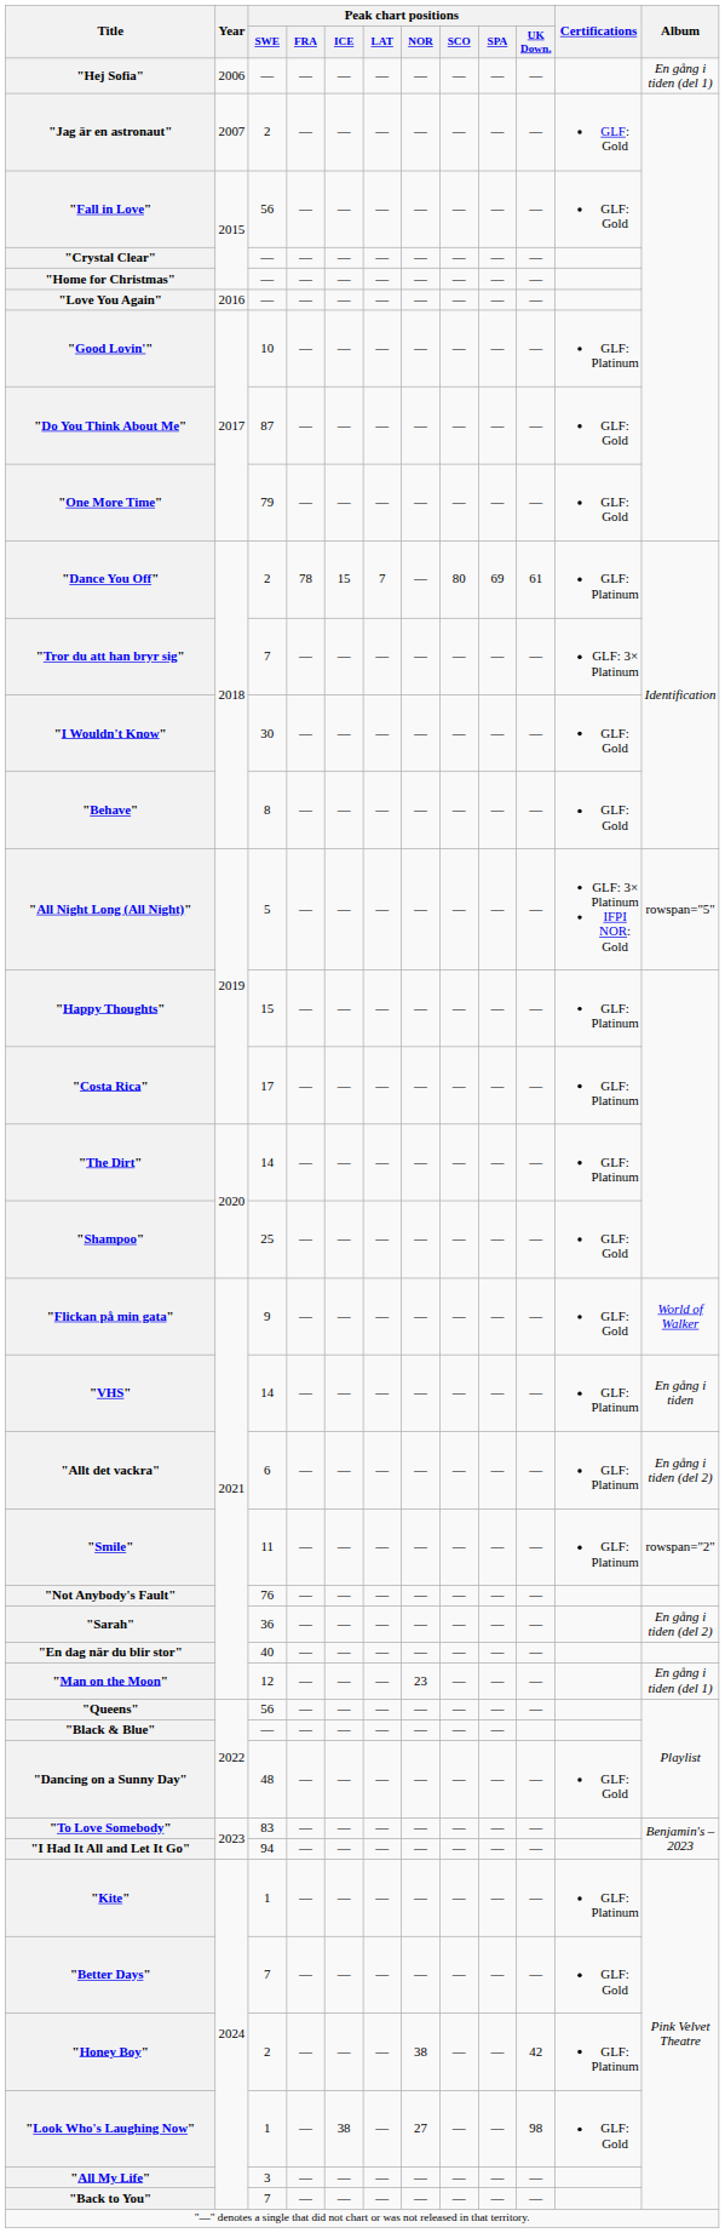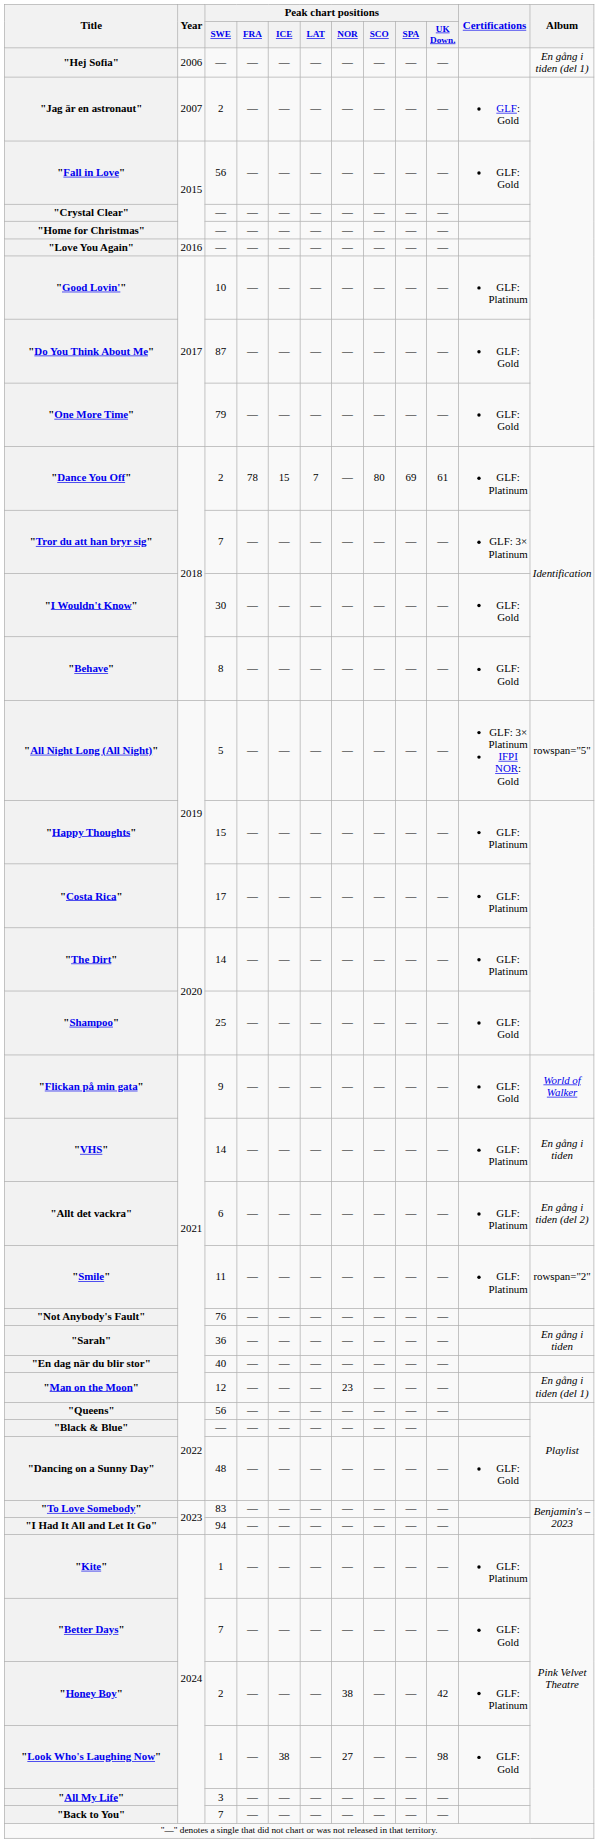 <table class="wikitable plainrowheaders" style="text-align:center;">
 <tr>
 <th scope="col" rowspan="2" style="width:16em;">Title</th>
 <th scope="col" rowspan="2" style="width:1em;">Year</th>
 <th scope="col" colspan="8">Peak chart positions</th>
 <th scope="col" rowspan="2"><a href='#'>Certifications</a></th>
 <th scope="col" rowspan="2">Album</th>
 </tr>
 <tr>
 <th scope="col" style="width:3em;font-size:85%;"><a href='#'>SWE</a><br></th>
 <th scope="col" style="width:3em;font-size:85%;"><a href='#'>FRA</a><br></th>
 <th scope="col" style="width:3em;font-size:85%;"><a href='#'>ICE</a><br></th>
 <th scope="col" style="width:3em;font-size:85%;"><a href='#'>LAT</a><br></th>
 <th scope="col" style="width:3em;font-size:85%;"><a href='#'>NOR</a><br></th>
 <th scope="col" style="width:3em;font-size:85%;"><a href='#'>SCO</a><br></th>
 <th scope="col" style="width:3em;font-size:85%;"><a href='#'>SPA</a><br></th>
 <th scope="col" style="width:3em;font-size:85%;"><a href='#'>UK<br>Down.</a><br></th>
 </tr>
 <tr>
 <th scope="row">"Hej Sofia"</th>
 <td>2006</td>
 <td>—</td>
 <td>—</td>
 <td>—</td>
 <td>—</td>
 <td>—</td>
 <td>—</td>
 <td>—</td>
 <td>—</td>
 <td></td>
 <td><em>En gång i tiden (del 1)</em></td>
 </tr>
 <tr>
 <th scope="row">"Jag är en astronaut"</th>
 <td>2007</td>
 <td>2</td>
 <td>—</td>
 <td>—</td>
 <td>—</td>
 <td>—</td>
 <td>—</td>
 <td>—</td>
 <td>—</td>
 <td><br><ul><li><a href='#'>GLF</a>: Gold</li></ul></td>
 </tr>
 <tr>
 <th scope="row">"<a href='#'>Fall in Love</a>"</th>
 <td rowspan="3">2015</td>
 <td>56</td>
 <td>—</td>
 <td>—</td>
 <td>—</td>
 <td>—</td>
 <td>—</td>
 <td>—</td>
 <td>—</td>
 <td><br><ul><li>GLF: Gold</li></ul></td>
 </tr>
 <tr>
 <th scope="row">"Crystal Clear"</th>
 <td>—</td>
 <td>—</td>
 <td>—</td>
 <td>—</td>
 <td>—</td>
 <td>—</td>
 <td>—</td>
 <td>—</td>
 <td></td>
 </tr>
 <tr>
 <th scope="row">"Home for Christmas"</th>
 <td>—</td>
 <td>—</td>
 <td>—</td>
 <td>—</td>
 <td>—</td>
 <td>—</td>
 <td>—</td>
 <td>—</td>
 <td></td>
 </tr>
 <tr>
 <th scope="row">"Love You Again"</th>
 <td>2016</td>
 <td>—</td>
 <td>—</td>
 <td>—</td>
 <td>—</td>
 <td>—</td>
 <td>—</td>
 <td>—</td>
 <td>—</td>
 <td></td>
 </tr>
 <tr>
 <th scope="row">"<a href='#'>Good Lovin'</a>"</th>
 <td rowspan="3">2017</td>
 <td>10</td>
 <td>—</td>
 <td>—</td>
 <td>—</td>
 <td>—</td>
 <td>—</td>
 <td>—</td>
 <td>—</td>
 <td><br><ul><li>GLF: Platinum</li></ul></td>
 </tr>
 <tr>
 <th scope="row">"<a href='#'>Do You Think About Me</a>"</th>
 <td>87</td>
 <td>—</td>
 <td>—</td>
 <td>—</td>
 <td>—</td>
 <td>—</td>
 <td>—</td>
 <td>—</td>
 <td><br><ul><li>GLF: Gold</li></ul></td>
 </tr>
 <tr>
 <th scope="row">"<a href='#'>One More Time</a>"</th>
 <td>79</td>
 <td>—</td>
 <td>—</td>
 <td>—</td>
 <td>—</td>
 <td>—</td>
 <td>—</td>
 <td>—</td>
 <td><br><ul><li>GLF: Gold</li></ul></td>
 </tr>
 <tr>
 <th scope="row">"<a href='#'>Dance You Off</a>"</th>
 <td rowspan="4">2018</td>
 <td>2</td>
 <td>78</td>
 <td>15</td>
 <td>7</td>
 <td>—</td>
 <td>80</td>
 <td>69</td>
 <td>61</td>
 <td><br><ul><li>GLF: Platinum</li></ul></td>
 <td rowspan="4"><em>Identification</em></td>
 </tr>
 <tr>
 <th scope="row">"<a href='#'>Tror du att han bryr sig</a>"<br></th>
 <td>7</td>
 <td>—</td>
 <td>—</td>
 <td>—</td>
 <td>—</td>
 <td>—</td>
 <td>—</td>
 <td>—</td>
 <td><br><ul><li>GLF: 3× Platinum</li></ul></td>
 </tr>
 <tr>
 <th scope="row">"<a href='#'>I Wouldn't Know</a>"</th>
 <td>30</td>
 <td>—</td>
 <td>—</td>
 <td>—</td>
 <td>—</td>
 <td>—</td>
 <td>—</td>
 <td>—</td>
 <td><br><ul><li>GLF: Gold</li></ul></td>
 </tr>
 <tr>
 <th scope="row">"<a href='#'>Behave</a>"</th>
 <td>8</td>
 <td>—</td>
 <td>—</td>
 <td>—</td>
 <td>—</td>
 <td>—</td>
 <td>—</td>
 <td>—</td>
 <td><br><ul><li>GLF: Gold</li></ul></td>
 </tr>
 <tr>
 <th scope="row">"<a href='#'>All Night Long (All Night)</a>"<br></th>
 <td rowspan="3">2019</td>
 <td>5</td>
 <td>—</td>
 <td>—</td>
 <td>—</td>
 <td>—</td>
 <td>—</td>
 <td>—</td>
 <td>—</td>
 <td><br><ul><li>GLF: 3× Platinum</li><li><a href='#'>IFPI NOR</a>: Gold</li></ul></td>
 <td>rowspan="5" </td>
 </tr>
 <tr>
 <th scope="row">"<a href='#'>Happy Thoughts</a>"<br></th>
 <td>15</td>
 <td>—</td>
 <td>—</td>
 <td>—</td>
 <td>—</td>
 <td>—</td>
 <td>—</td>
 <td>—</td>
 <td><br><ul><li>GLF: Platinum</li></ul></td>
 </tr>
 <tr>
 <th scope="row">"<a href='#'>Costa Rica</a>"</th>
 <td>17</td>
 <td>—</td>
 <td>—</td>
 <td>—</td>
 <td>—</td>
 <td>—</td>
 <td>—</td>
 <td>—</td>
 <td><br><ul><li>GLF: Platinum</li></ul></td>
 </tr>
 <tr>
 <th scope="row">"<a href='#'>The Dirt</a>"</th>
 <td rowspan="2">2020</td>
 <td>14</td>
 <td>—</td>
 <td>—</td>
 <td>—</td>
 <td>—</td>
 <td>—</td>
 <td>—</td>
 <td>—</td>
 <td><br><ul><li>GLF: Platinum</li></ul></td>
 </tr>
 <tr>
 <th scope="row">"<a href='#'>Shampoo</a>"</th>
 <td>25</td>
 <td>—</td>
 <td>—</td>
 <td>—</td>
 <td>—</td>
 <td>—</td>
 <td>—</td>
 <td>—</td>
 <td><br><ul><li>GLF: Gold</li></ul></td>
 </tr>
 <tr>
 <th scope="row">"<a href='#'>Flickan på min gata</a>"</th>
 <td rowspan="8">2021</td>
 <td>9</td>
 <td>—</td>
 <td>—</td>
 <td>—</td>
 <td>—</td>
 <td>—</td>
 <td>—</td>
 <td>—</td>
 <td><br><ul><li>GLF: Gold</li></ul></td>
 <td><em><a href='#'>World of Walker</a></em></td>
 </tr>
 <tr>
 <th scope="row">"<a href='#'>VHS</a>"<br></th>
 <td>14</td>
 <td>—</td>
 <td>—</td>
 <td>—</td>
 <td>—</td>
 <td>—</td>
 <td>—</td>
 <td>—</td>
 <td><br><ul><li>GLF: Platinum</li></ul></td>
 <td><em>En gång i tiden</em></td>
 </tr>
 <tr>
 <th scope="row">"Allt det vackra"</th>
 <td>6</td>
 <td>—</td>
 <td>—</td>
 <td>—</td>
 <td>—</td>
 <td>—</td>
 <td>—</td>
 <td>—</td>
 <td><br><ul><li>GLF: Platinum</li></ul></td>
 <td><em>En gång i tiden (del 2)</em></td>
 </tr>
 <tr>
 <th scope="row">"<a href='#'>Smile</a>"</th>
 <td>11</td>
 <td>—</td>
 <td>—</td>
 <td>—</td>
 <td>—</td>
 <td>—</td>
 <td>—</td>
 <td>—</td>
 <td><br><ul><li>GLF: Platinum</li></ul></td>
 <td>rowspan="2" </td>
 </tr>
 <tr>
 <th scope="row">"Not Anybody's Fault"</th>
 <td>76</td>
 <td>—</td>
 <td>—</td>
 <td>—</td>
 <td>—</td>
 <td>—</td>
 <td>—</td>
 <td>—</td>
 <td></td>
 </tr>
 <tr>
 <th scope="row">"Sarah"</th>
 <td>36</td>
 <td>—</td>
 <td>—</td>
 <td>—</td>
 <td>—</td>
 <td>—</td>
 <td>—</td>
 <td>—</td>
 <td></td>
-<td><em>En gång i tiden (del 2)</em></td>
+<td><em>En gång i tiden</em></td>
 </tr>
 <tr>
 <th scope="row">"En dag när du blir stor"</th>
 <td>40</td>
 <td>—</td>
 <td>—</td>
 <td>—</td>
 <td>—</td>
 <td>—</td>
 <td>—</td>
 <td>—</td>
 <td></td>
 <td></td>
 </tr>
 <tr>
 <th scope="row">"<a href='#'>Man on the Moon</a>"<br></th>
 <td>12</td>
 <td>—</td>
 <td>—</td>
 <td>—</td>
 <td>23</td>
 <td>—</td>
 <td>—</td>
 <td>—</td>
 <td></td>
 <td><em>En gång i tiden (del 1)</em></td>
 </tr>
 <tr>
 <th scope="row">"Queens"</th>
 <td rowspan="3">2022</td>
 <td>56</td>
 <td>—</td>
 <td>—</td>
 <td>—</td>
 <td>—</td>
 <td>—</td>
 <td>—</td>
 <td>—</td>
 <td></td>
 <td rowspan="3"><em>Playlist</em></td>
 </tr>
 <tr>
 <th scope="row">"Black & Blue"<br></th>
 <td>—</td>
 <td>—</td>
 <td>—</td>
 <td>—</td>
 <td>—</td>
 <td>—</td>
 <td>—</td>
 <td></td>
 </tr>
 <tr>
 <th scope="row">"Dancing on a Sunny Day"</th>
 <td>48</td>
 <td>—</td>
 <td>—</td>
 <td>—</td>
 <td>—</td>
 <td>—</td>
 <td>—</td>
 <td>—</td>
 <td><br><ul><li>GLF: Gold</li></ul></td>
 </tr>
 <tr>
 <th scope="row">"<a href='#'>To Love Somebody</a>"<br></th>
 <td rowspan="2">2023</td>
 <td>83</td>
 <td>—</td>
 <td>—</td>
 <td>—</td>
 <td>—</td>
 <td>—</td>
 <td>—</td>
 <td>—</td>
 <td></td>
 <td rowspan="2"><em>Benjamin's – 2023</em></td>
 </tr>
 <tr>
 <th scope="row">"I Had It All and Let It Go"</th>
 <td>94</td>
 <td>—</td>
 <td>—</td>
 <td>—</td>
 <td>—</td>
 <td>—</td>
 <td>—</td>
 <td>—</td>
 <td></td>
 </tr>
 <tr>
 <th scope="row">"<a href='#'>Kite</a>"<br></th>
 <td rowspan="6">2024</td>
 <td>1</td>
 <td>—</td>
 <td>—</td>
 <td>—</td>
 <td>—</td>
 <td>—</td>
 <td>—</td>
 <td>—</td>
 <td><br><ul><li>GLF: Platinum</li></ul></td>
 <td rowspan="6"><em>Pink Velvet Theatre</em></td>
 </tr>
 <tr>
 <th scope="row">"<a href='#'>Better Days</a>"</th>
 <td>7</td>
 <td>—</td>
 <td>—</td>
 <td>—</td>
 <td>—</td>
 <td>—</td>
 <td>—</td>
 <td>—</td>
 <td><br><ul><li>GLF: Gold</li></ul></td>
 </tr>
 <tr>
 <th scope="row">"<a href='#'>Honey Boy</a>"<br></th>
 <td>2</td>
 <td>—</td>
 <td>—</td>
 <td>—</td>
 <td>38<br></td>
 <td>—</td>
 <td>—</td>
 <td>42<br></td>
 <td><br><ul><li>GLF: Platinum</li></ul></td>
 </tr>
 <tr>
 <th scope="row">"<a href='#'>Look Who's Laughing Now</a>"</th>
 <td>1</td>
 <td>—</td>
 <td>38</td>
 <td>—</td>
 <td>27</td>
 <td>—</td>
 <td>—</td>
 <td>98<br></td>
 <td><br><ul><li>GLF: Gold</li></ul></td>
 </tr>
 <tr>
 <th scope="row">"<a href='#'>All My Life</a>"</th>
 <td>3<br></td>
 <td>—</td>
 <td>—</td>
 <td>—</td>
 <td>—</td>
 <td>—</td>
 <td>—</td>
 <td>—</td>
 <td></td>
 </tr>
 <tr>
 <th scope="row">"Back to You"</th>
 <td>7</td>
 <td>—</td>
 <td>—</td>
 <td>—</td>
 <td>—</td>
 <td>—</td>
 <td>—</td>
 <td>—</td>
 <td></td>
 </tr>
 <tr>
 <td colspan="12" style="font-size:85%">"—" denotes a single that did not chart or was not released in that territory.</td>
 </tr>
 </table>
